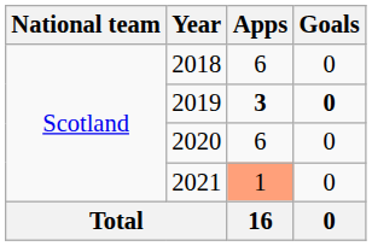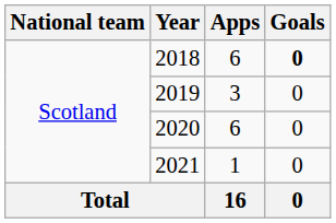 <table class="wikitable" style="text-align:center">
 <tr>
 <th>National team</th>
 <th>Year</th>
 <th>Apps</th>
 <th>Goals</th>
 </tr>
 <tr>
 <td rowspan="4"><a href='#'>Scotland</a></td>
 <td>2018</td>
 <td>6</td>
-<td>0</td>
+<td><strong>0</strong></td>
 </tr>
 <tr>
 <td>2019</td>
-<td><strong>3</strong></td>
-<td><strong>0</strong></td>
+<td>3</td>
+<td>0</td>
 </tr>
 <tr>
 <td>2020</td>
 <td>6</td>
 <td>0</td>
 </tr>
 <tr>
 <td>2021</td>
-<td style="background: lightsalmon;">1</td>
+<td>1</td>
 <td>0</td>
 </tr>
 <tr>
 <th colspan="2">Total</th>
 <th>16</th>
 <th>0</th>
 </tr>
 </table>
